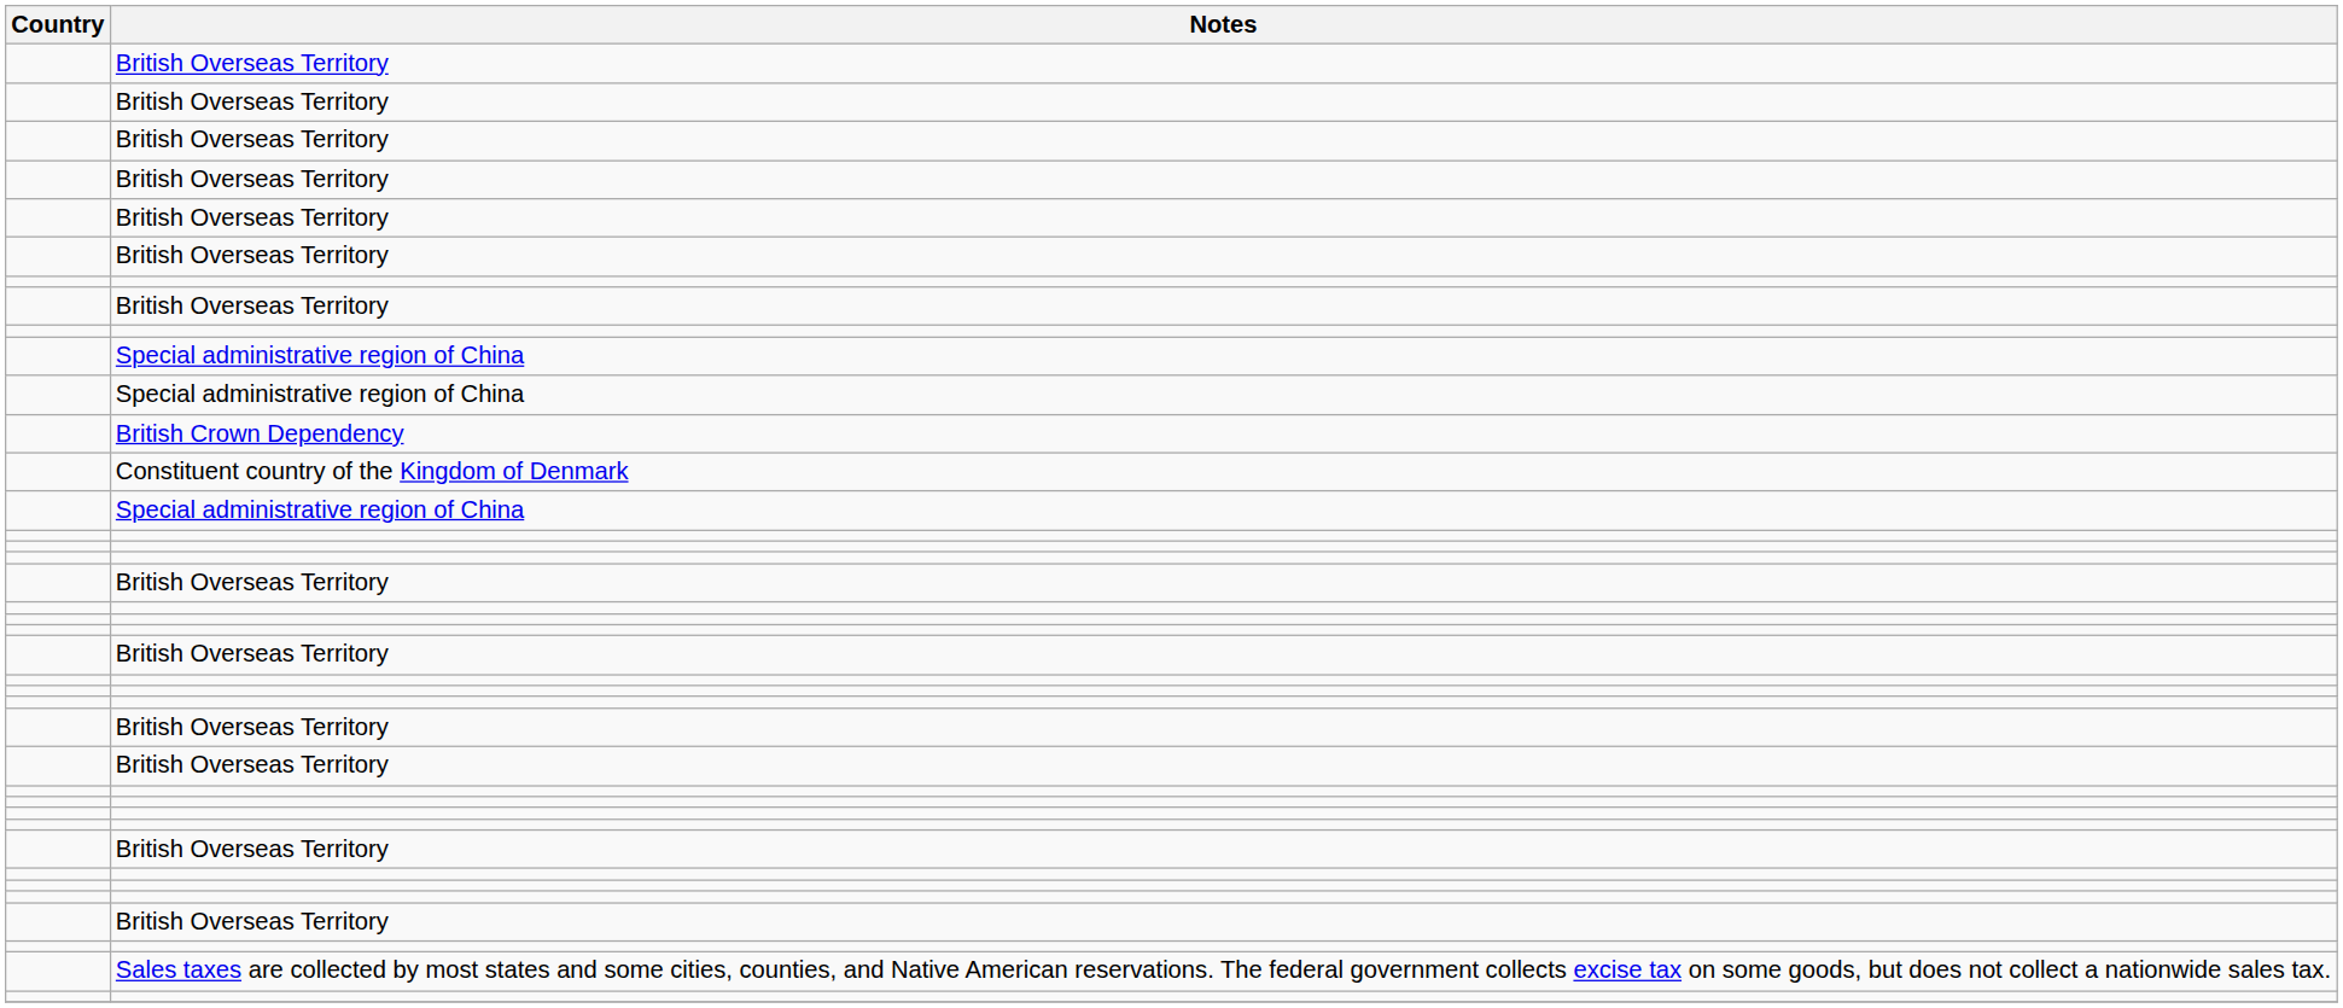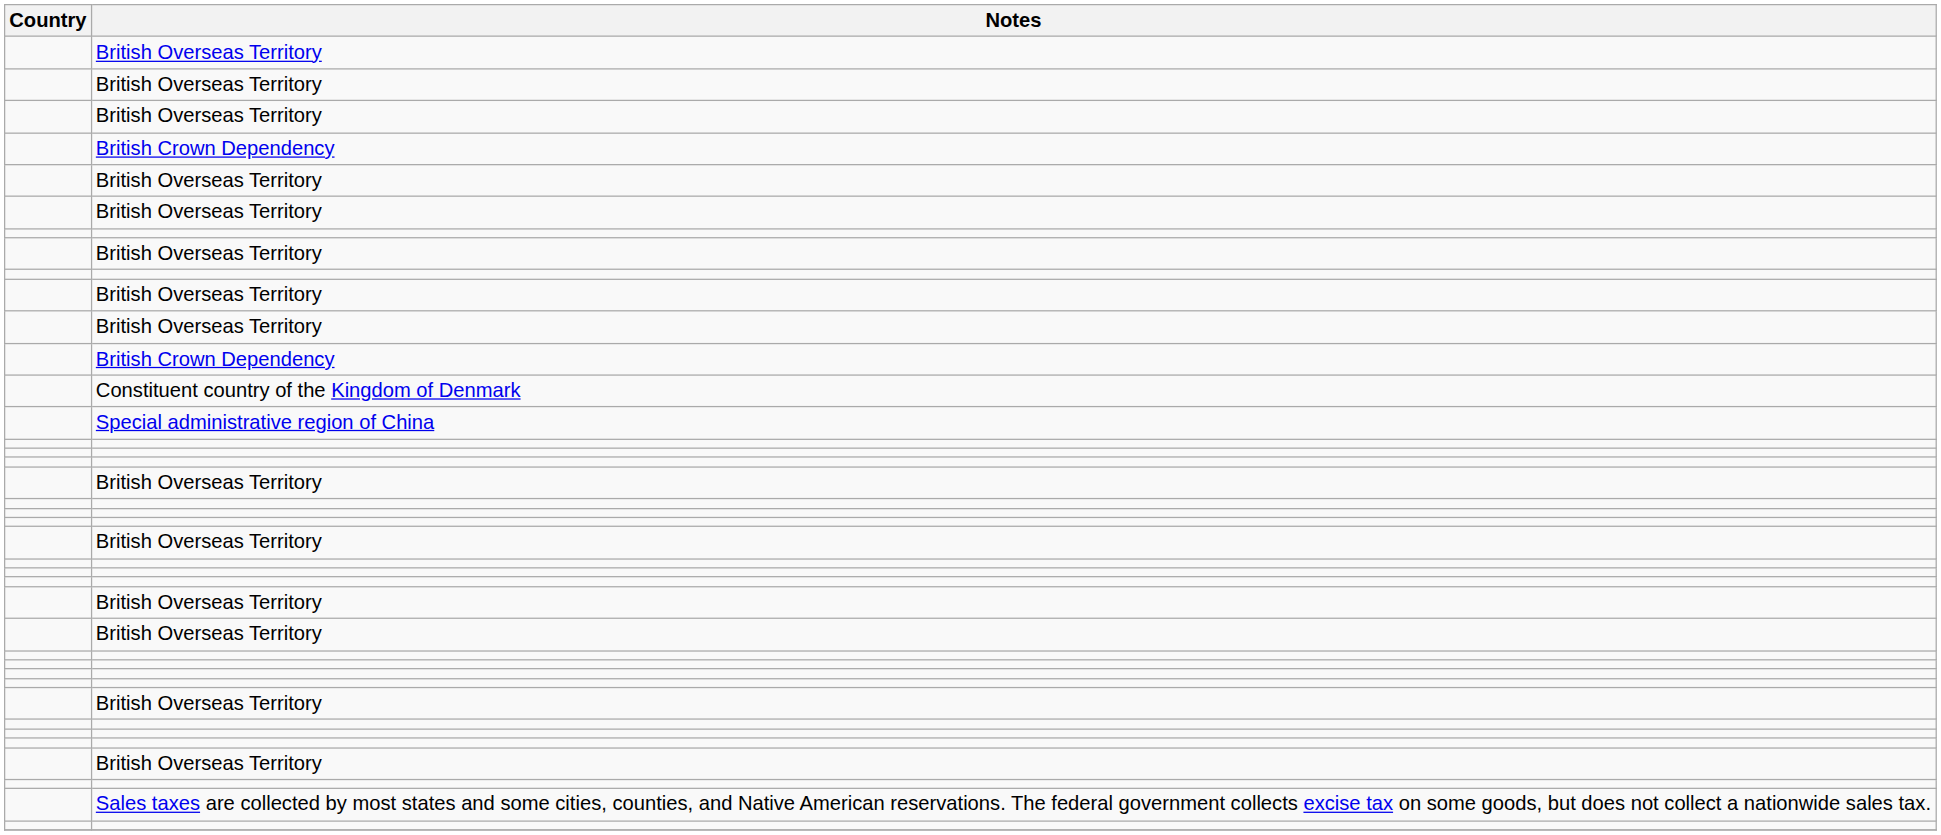 <table class="wikitable sortable">
 <tr>
 <th>Country</th>
 <th>Notes</th>
 </tr>
 <tr>
 <td></td>
 <td><a href='#'>British Overseas Territory</a></td>
 </tr>
 <tr>
 <td></td>
 <td>British Overseas Territory</td>
 </tr>
 <tr>
 <td></td>
 <td>British Overseas Territory</td>
 </tr>
 <tr>
 <td></td>
-<td>British Overseas Territory</td>
+<td><a href='#'>British Crown Dependency</a></td>
 </tr>
 <tr>
 <td></td>
 <td>British Overseas Territory</td>
 </tr>
 <tr>
 <td></td>
 <td>British Overseas Territory</td>
 </tr>
 <tr>
 <td></td>
 <td></td>
 </tr>
 <tr>
 <td></td>
 <td>British Overseas Territory</td>
 </tr>
 <tr>
 <td></td>
 <td></td>
 </tr>
 <tr>
 <td></td>
-<td><a href='#'>Special administrative region of China</a></td>
+<td>British Overseas Territory</td>
 </tr>
 <tr>
 <td></td>
-<td>Special administrative region of China</td>
+<td>British Overseas Territory</td>
 </tr>
 <tr>
 <td></td>
 <td><a href='#'>British Crown Dependency</a></td>
 </tr>
 <tr>
 <td></td>
 <td>Constituent country of the <a href='#'>Kingdom of Denmark</a></td>
 </tr>
 <tr>
 <td></td>
 <td><a href='#'>Special administrative region of China</a></td>
 </tr>
 <tr>
 <td></td>
 <td></td>
 </tr>
 <tr>
 <td></td>
 <td></td>
 </tr>
 <tr>
 <td></td>
 <td></td>
 </tr>
 <tr>
 <td></td>
 <td>British Overseas Territory</td>
 </tr>
 <tr>
 <td></td>
 <td></td>
 </tr>
 <tr>
 <td></td>
 <td></td>
 </tr>
 <tr>
 <td></td>
 <td></td>
 </tr>
 <tr>
 <td></td>
 <td>British Overseas Territory</td>
 </tr>
 <tr>
 <td></td>
 <td></td>
 </tr>
 <tr>
 <td></td>
 <td></td>
 </tr>
 <tr>
 <td></td>
 <td></td>
 </tr>
 <tr>
 <td></td>
 <td>British Overseas Territory</td>
 </tr>
 <tr>
 <td></td>
 <td>British Overseas Territory</td>
 </tr>
 <tr>
 <td></td>
 <td></td>
 </tr>
 <tr>
 <td></td>
 <td></td>
 </tr>
 <tr>
 <td></td>
 <td></td>
 </tr>
 <tr>
 <td></td>
 <td></td>
 </tr>
 <tr>
 <td></td>
 <td>British Overseas Territory</td>
 </tr>
 <tr>
 <td></td>
 <td></td>
 </tr>
 <tr>
 <td></td>
 <td></td>
 </tr>
 <tr>
 <td></td>
 <td></td>
 </tr>
 <tr>
 <td></td>
 <td>British Overseas Territory</td>
 </tr>
 <tr>
 <td></td>
 <td></td>
 </tr>
 <tr>
 <td></td>
 <td><a href='#'>Sales taxes</a> are collected by most states and some cities, counties, and Native American reservations. The federal government collects <a href='#'>excise tax</a> on some goods, but does not collect a nationwide sales tax.</td>
 </tr>
 <tr>
 <td></td>
 <td></td>
 </tr>
 <tr>
 </tr>
 </table>
